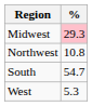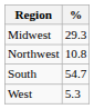 <table class="wikitable">
 <tr>
 <th>Region</th>
 <th>%</th>
 </tr>
 <tr>
 <td>Midwest</td>
-<td style="background: pink;">29.3</td>
+<td>29.3</td>
 </tr>
 <tr>
 <td>Northwest</td>
 <td>10.8</td>
 </tr>
 <tr>
 <td>South</td>
 <td>54.7</td>
 </tr>
 <tr>
 <td>West</td>
 <td>5.3</td>
 </tr>
 </table>
